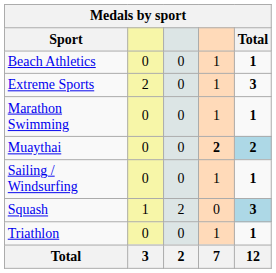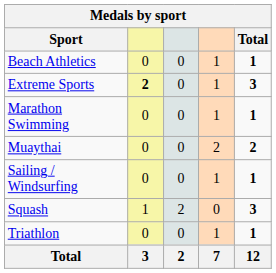 <table class="wikitable" style="font-size:90%; text-align:center;">
 <tr>
 <th colspan=5>Medals by sport</th>
 </tr>
 <tr>
 <th width=120>Sport</th>
 <th scope="col" width=30 style="background:#F7F6A8;"></th>
 <th scope="col" width=30 style="background:#DCE5E5;"></th>
 <th scope="col" width=30 style="background:#FFDAB9;"></th>
 <th width=30>Total</th>
 </tr>
 <tr>
 <td align=left><a href='#'>Beach Athletics</a></td>
 <td style="background:#F7F6A8;">0</td>
 <td style="background:#DCE5E5;">0</td>
 <td style="background:#FFDAB9;">1</td>
 <td><strong>1</strong></td>
 </tr>
 <tr>
 <td align=left><a href='#'>Extreme Sports</a></td>
-<td style="background:#F7F6A8;">2</td>
+<td style="background:#F7F6A8;"><strong>2</strong></td>
 <td style="background:#DCE5E5;">0</td>
 <td style="background:#FFDAB9;">1</td>
 <td><strong>3</strong></td>
 </tr>
 <tr>
 <td align=left><a href='#'>Marathon Swimming</a></td>
 <td style="background:#F7F6A8;">0</td>
 <td style="background:#DCE5E5;">0</td>
 <td style="background:#FFDAB9;">1</td>
 <td><strong>1</strong></td>
 </tr>
 <tr>
 <td align=left><a href='#'>Muaythai</a></td>
 <td style="background:#F7F6A8;">0</td>
 <td style="background:#DCE5E5;">0</td>
-<td style="background:#FFDAB9;"><strong>2</strong></td>
-<td style="background: lightblue;"><strong>2</strong></td>
+<td style="background:#FFDAB9;">2</td>
+<td><strong>2</strong></td>
 </tr>
 <tr>
 <td align=left><a href='#'>Sailing / Windsurfing</a></td>
 <td style="background:#F7F6A8;">0</td>
 <td style="background:#DCE5E5;">0</td>
 <td style="background:#FFDAB9;">1</td>
 <td><strong>1</strong></td>
 </tr>
 <tr>
 <td align=left><a href='#'>Squash</a></td>
 <td style="background:#F7F6A8;">1</td>
 <td style="background:#DCE5E5;">2</td>
 <td style="background:#FFDAB9;">0</td>
-<td style="background: lightblue;"><strong>3</strong></td>
+<td><strong>3</strong></td>
 </tr>
 <tr>
 <td align=left><a href='#'>Triathlon</a></td>
 <td style="background:#F7F6A8;">0</td>
 <td style="background:#DCE5E5;">0</td>
 <td style="background:#FFDAB9;">1</td>
 <td><strong>1</strong></td>
 </tr>
 <tr class="sortbottom">
 <th>Total</th>
 <th>3</th>
 <th>2</th>
 <th>7</th>
 <th>12</th>
 </tr>
 </table>
